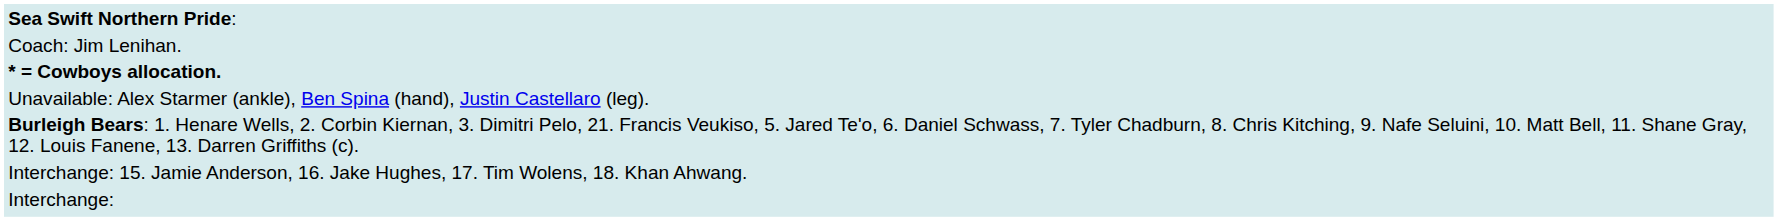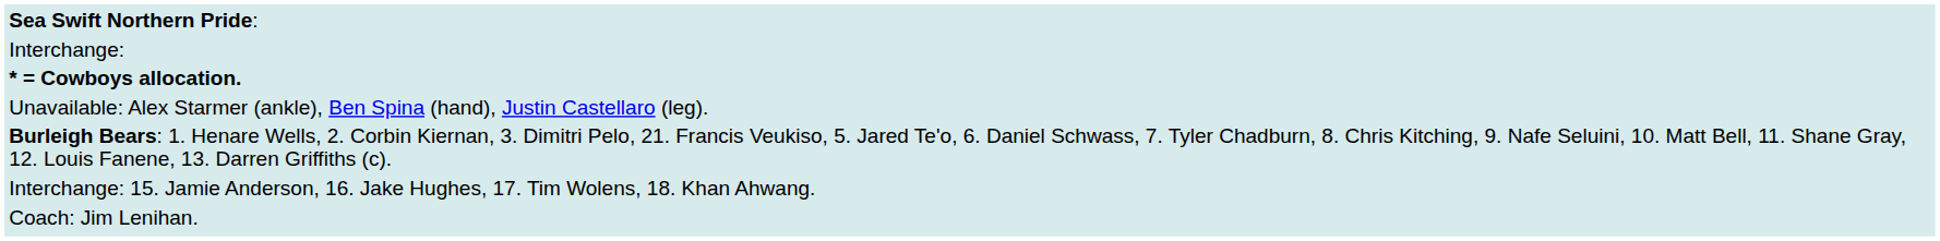 <table style="background:#d7ebed; font-size:85%; width:100%;">
 <tr>
 <td><strong>Sea Swift Northern Pride</strong>:             </td>
 </tr>
 <tr>
-<td>Coach: Jim Lenihan.</td>
+<td>Interchange:    </td>
 </tr>
 <tr>
 <td><strong>* = Cowboys allocation.</strong></td>
 </tr>
 <tr>
 <td>Unavailable: Alex Starmer (ankle), <a href='#'>Ben Spina</a> (hand), <a href='#'>Justin Castellaro</a> (leg).</td>
 </tr>
 <tr>
 <td><strong>Burleigh Bears</strong>: 1. Henare Wells, 2. Corbin Kiernan, 3. Dimitri Pelo, 21. Francis Veukiso, 5. Jared Te'o, 6. Daniel Schwass, 7. Tyler Chadburn, 8. Chris Kitching, 9. Nafe Seluini, 10. Matt Bell, 11. Shane Gray, 12. Louis Fanene, 13. Darren Griffiths (c).</td>
 </tr>
 <tr>
 <td>Interchange: 15. Jamie Anderson, 16. Jake Hughes, 17. Tim Wolens, 18. Khan Ahwang.</td>
 </tr>
 <tr>
-<td>Interchange:    </td>
+<td>Coach: Jim Lenihan.</td>
 </tr>
 <tr>
 </tr>
 </table>
